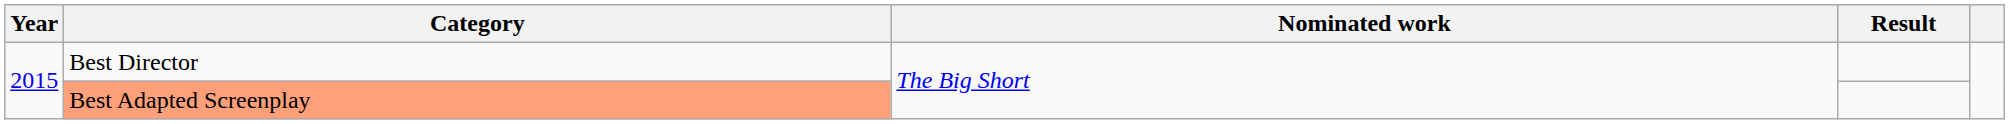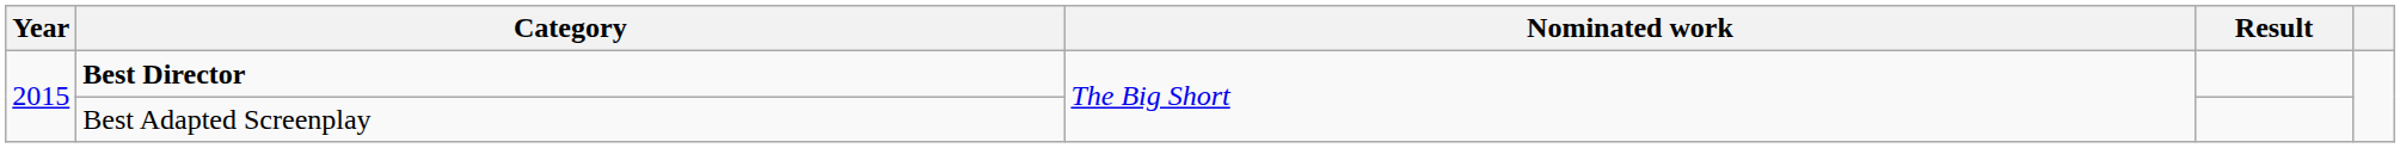 <table class=wikitable>
 <tr>
 <th scope="col" style="width:1em;">Year</th>
 <th scope="col" style="width:34em;">Category</th>
 <th scope="col" style="width:39em;">Nominated work</th>
 <th scope="col" style="width:5em;">Result</th>
 <th scope="col" style="width:1em;"></th>
 </tr>
 <tr>
 <td rowspan="2"><a href='#'>2015</a></td>
-<td>Best Director</td>
+<td><strong>Best Director</strong></td>
 <td rowspan="2"><em><a href='#'>The Big Short</a></em></td>
 <td></td>
 <td rowspan="2"></td>
 </tr>
 <tr>
-<td style="background: lightsalmon;">Best Adapted Screenplay</td>
+<td>Best Adapted Screenplay</td>
 <td></td>
 </tr>
 </table>
